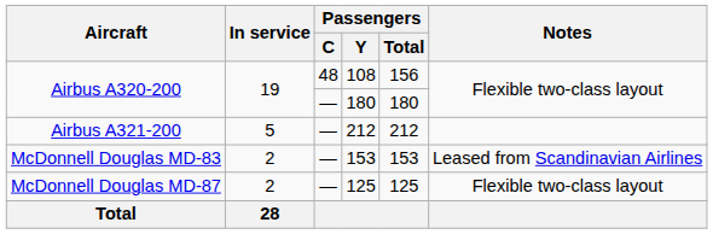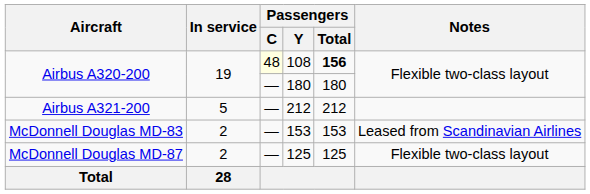 <table class="wikitable" style="margin:0.5em auto; text-align:center">
 <tr>
 <th rowspan=2>Aircraft</th>
 <th rowspan=2>In  service</th>
 <th colspan=3>Passengers</th>
 <th rowspan=2>Notes</th>
 </tr>
 <tr>
 <th><abbr>C</abbr></th>
 <th><abbr>Y</abbr></th>
 <th>Total</th>
 </tr>
 <tr>
 <td rowspan=2><a href='#'>Airbus A320-200</a></td>
 <td rowspan=2>19</td>
-<td>48</td>
+<td style="background: lightyellow;">48</td>
 <td>108</td>
-<td>156</td>
+<td><strong>156</strong></td>
 <td rowspan=2>Flexible two-class layout</td>
 </tr>
 <tr>
 <td>—</td>
 <td>180</td>
 <td>180</td>
 </tr>
 <tr>
 <td><a href='#'>Airbus A321-200</a></td>
 <td>5</td>
 <td>—</td>
 <td>212</td>
 <td>212</td>
 <td></td>
 </tr>
 <tr>
 <td><a href='#'>McDonnell Douglas MD-83</a></td>
 <td>2</td>
 <td>—</td>
 <td>153</td>
 <td>153</td>
 <td>Leased from <a href='#'>Scandinavian Airlines</a></td>
 </tr>
 <tr>
 <td><a href='#'>McDonnell Douglas MD-87</a></td>
 <td>2</td>
 <td>—</td>
 <td>125</td>
 <td>125</td>
 <td>Flexible two-class layout</td>
 </tr>
 <tr>
 <th>Total</th>
 <th>28</th>
 <th colspan="3"></th>
 <th></th>
 </tr>
 </table>
